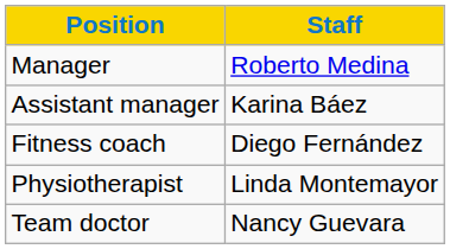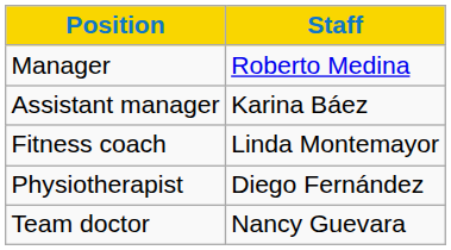 <table class="wikitable">
 <tr>
 <th style=background-color:#F9D600;color:#0E77CA>Position</th>
 <th style=background-color:#F9D600;color:#0E77CA>Staff</th>
 </tr>
 <tr>
 <td>Manager</td>
 <td> <a href='#'>Roberto Medina</a></td>
 </tr>
 <tr>
 <td>Assistant manager</td>
 <td> Karina Báez</td>
 </tr>
 <tr>
 <td>Fitness coach</td>
-<td> Diego Fernández</td>
+<td> Linda Montemayor</td>
 </tr>
 <tr>
 <td>Physiotherapist</td>
-<td> Linda Montemayor</td>
+<td> Diego Fernández</td>
 </tr>
 <tr>
 <td>Team doctor</td>
 <td> Nancy Guevara</td>
 </tr>
 </table>
